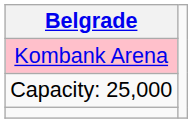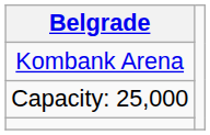 <table class="wikitable" style="margin:1em auto; text-align:center;">
 <tr>
 <th><a href='#'>Belgrade</a></th>
 <td rowspan=4></td>
 </tr>
 <tr>
-<td style="background: pink;"><a href='#'>Kombank Arena</a></td>
+<td><a href='#'>Kombank Arena</a></td>
 </tr>
 <tr>
 <td>Capacity: 25,000</td>
 </tr>
 <tr>
 <td></td>
 </tr>
 </table>
